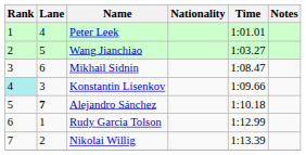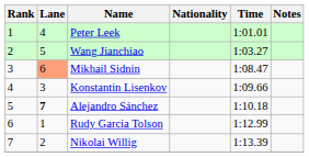 <table class="wikitable">
 <tr>
 <th>Rank</th>
 <th>Lane</th>
 <th>Name</th>
 <th>Nationality</th>
 <th>Time</th>
 <th>Notes</th>
 </tr>
 <tr>
 <td bgcolor=ccffcc>1</td>
 <td bgcolor=ccffcc>4</td>
 <td bgcolor=ccffcc><a href='#'>Peter Leek</a></td>
 <td bgcolor=ccffcc></td>
 <td bgcolor=ccffcc>1:01.01</td>
 <td bgcolor=ccffcc></td>
 </tr>
 <tr>
 <td bgcolor=ccffcc>2</td>
 <td bgcolor=ccffcc>5</td>
 <td bgcolor=ccffcc><a href='#'>Wang Jianchiao</a></td>
 <td bgcolor=ccffcc></td>
 <td bgcolor=ccffcc>1:03.27</td>
 <td bgcolor=ccffcc></td>
 </tr>
 <tr>
 <td>3</td>
-<td>6</td>
+<td style="background: lightsalmon;">6</td>
 <td><a href='#'>Mikhail Sidnin</a></td>
 <td></td>
 <td>1:08.47</td>
 <td></td>
 </tr>
 <tr>
-<td style="background: paleturquoise;">4</td>
+<td>4</td>
 <td>3</td>
 <td><a href='#'>Konstantin Lisenkov</a></td>
 <td></td>
 <td>1:09.66</td>
 <td></td>
 </tr>
 <tr>
 <td>5</td>
 <td><strong>7</strong></td>
 <td><a href='#'>Alejandro Sánchez</a></td>
 <td></td>
 <td>1:10.18</td>
 <td></td>
 </tr>
 <tr>
 <td>6</td>
 <td>1</td>
 <td><a href='#'>Rudy Garcia Tolson</a></td>
 <td></td>
 <td>1:12.99</td>
 <td></td>
 </tr>
 <tr>
 <td>7</td>
 <td>2</td>
 <td><a href='#'>Nikolai Willig</a></td>
 <td></td>
 <td>1:13.39</td>
 <td></td>
 </tr>
 <tr>
 </tr>
 </table>
